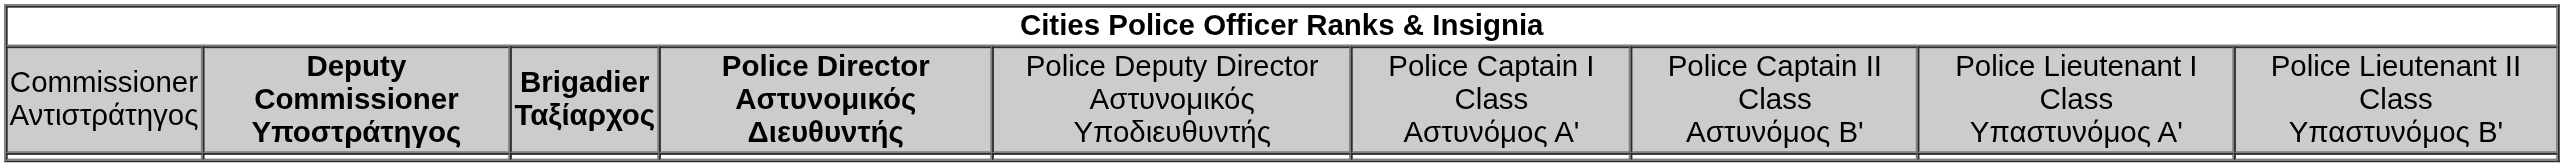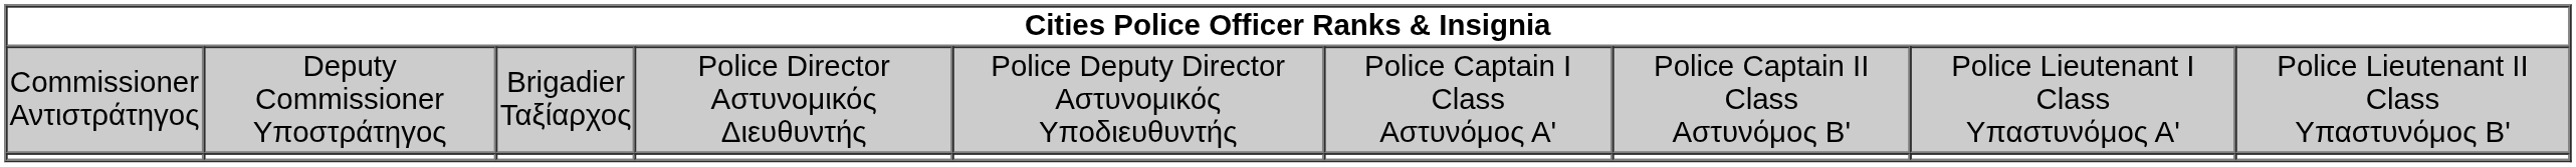 <table border="1" cellpadding="1" cellspacing="0" width="70%">
 <tr>
 <th colspan=11><strong>Cities Police Officer Ranks & Insignia</strong></th>
 </tr>
 <tr align="center" - bgcolor="#CCCCCC">
 <td>Commissioner<br>Αντιστράτηγος</td>
-<td><strong>Deputy Commissioner<br>Υποστράτηγος</strong></td>
-<td><strong>Brigadier<br>Ταξίαρχος</strong></td>
-<td><strong>Police Director<br>Αστυνομικός Διευθυντής</strong></td>
+<td>Deputy Commissioner<br>Υποστράτηγος</td>
+<td>Brigadier<br>Ταξίαρχος</td>
+<td>Police Director<br>Αστυνομικός Διευθυντής</td>
 <td>Police Deputy Director<br>Αστυνομικός Υποδιευθυντής</td>
 <td>Police Captain I Class<br>Αστυνόμος Α'</td>
 <td>Police Captain II Class<br>Αστυνόμος Β'</td>
 <td>Police Lieutenant I Class<br>Υπαστυνόμος Α'</td>
 <td>Police Lieutenant II Class<br>Υπαστυνόμος B'</td>
 </tr>
 <tr align="center" width="10%">
 <td></td>
 <td></td>
 <td></td>
 <td></td>
 <td></td>
 <td></td>
 <td></td>
 <td></td>
 <td></td>
 </tr>
 </table>
